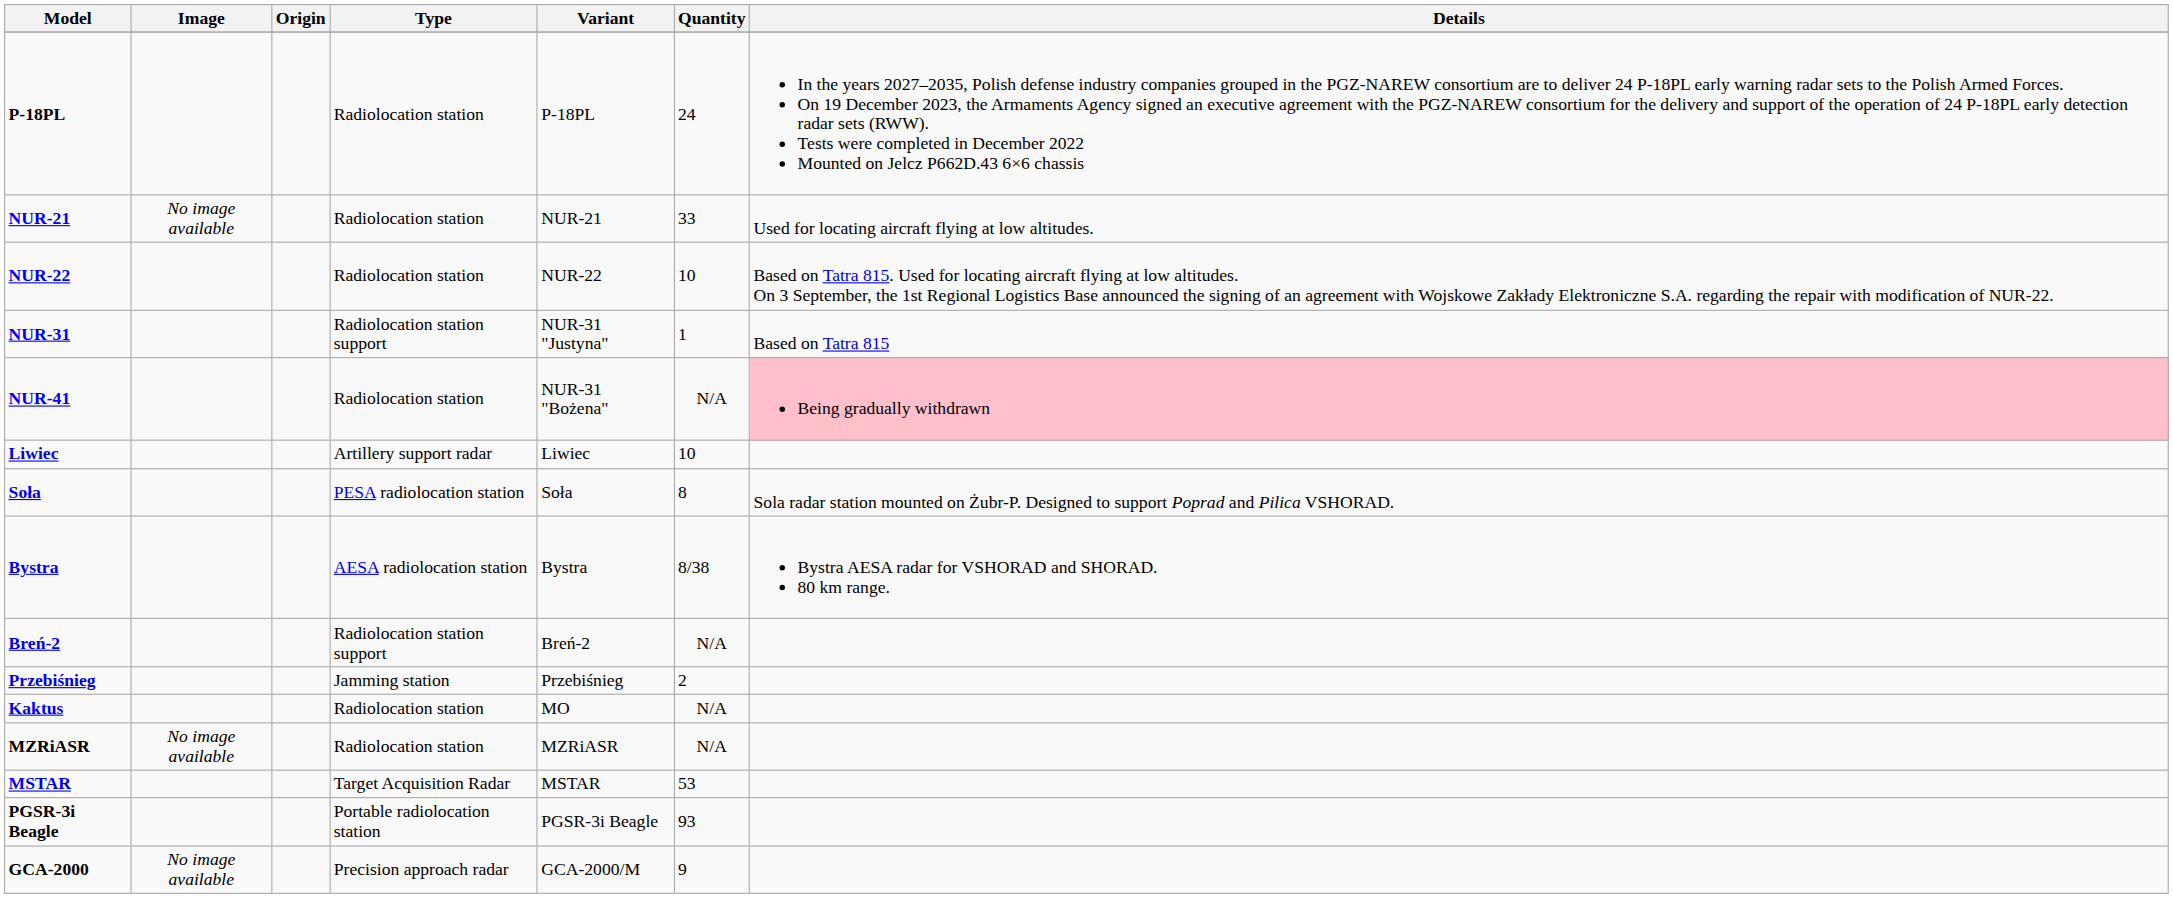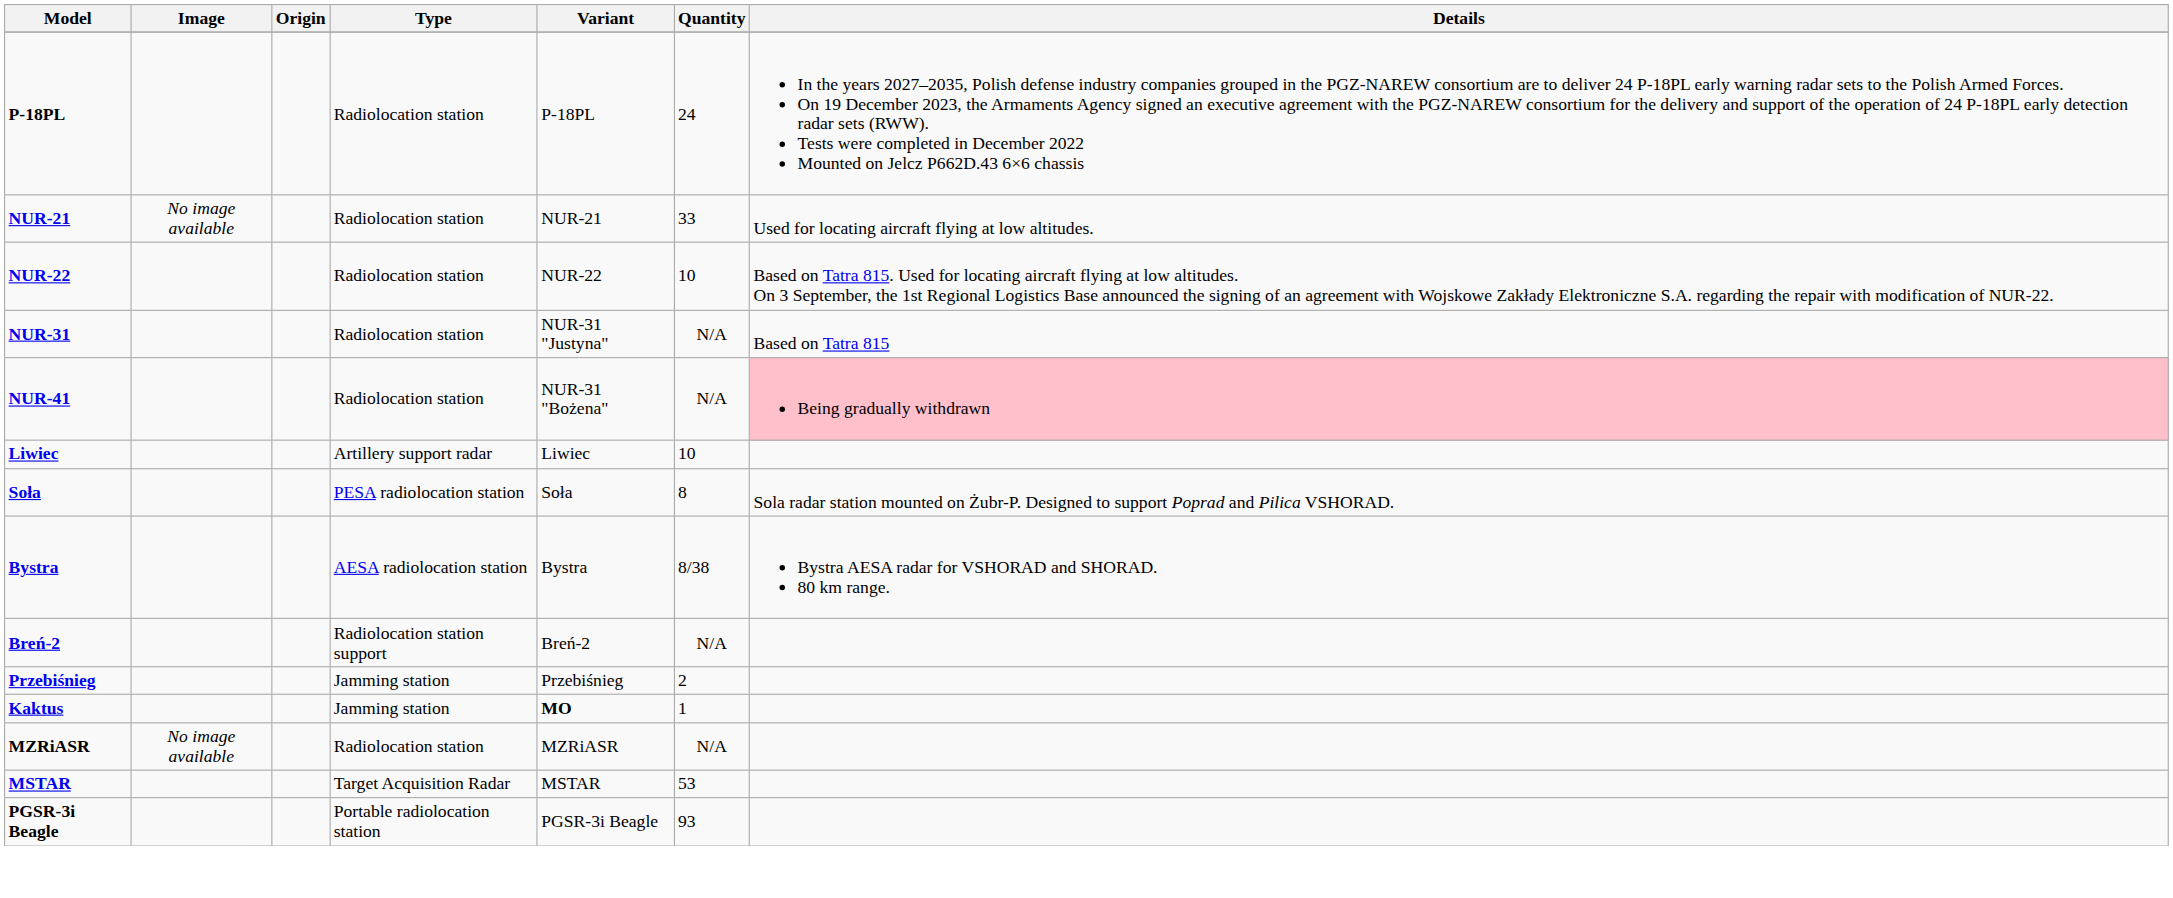 <table class="wikitable">
 <tr>
 <th>Model</th>
 <th>Image</th>
 <th>Origin</th>
 <th>Type</th>
 <th>Variant</th>
 <th>Quantity</th>
 <th>Details</th>
 </tr>
 <tr valign="top">
 </tr>
 <tr>
 <td><strong>P-18PL</strong></td>
 <td></td>
 <td><small></small></td>
 <td>Radiolocation station</td>
 <td>P-18PL</td>
 <td>24</td>
 <td><br><ul><li>In the years 2027–2035, Polish defense industry companies grouped in the PGZ-NAREW consortium are to deliver 24 P-18PL early warning radar sets to the Polish Armed Forces.</li><li>On 19 December 2023, the Armaments Agency signed an executive agreement with the PGZ-NAREW consortium for the delivery and support of the operation of 24 P-18PL early detection radar sets (RWW).</li><li>Tests were completed in December 2022</li><li>Mounted on Jelcz P662D.43 6×6 chassis</li></ul></td>
 </tr>
 <tr>
 <td><a href='#'><strong>NUR-21</strong></a></td>
 <td style="text-align: center;"><em>No image available</em></td>
 <td><small></small></td>
 <td>Radiolocation station</td>
 <td>NUR-21</td>
 <td>33</td>
 <td><br>Used for locating aircraft flying at low altitudes.</td>
 </tr>
 <tr>
 <td><a href='#'><strong>NUR-22</strong></a></td>
 <td></td>
 <td><small></small></td>
 <td>Radiolocation station</td>
 <td>NUR-22</td>
 <td>10</td>
 <td><br>Based on <a href='#'>Tatra 815</a>. Used for locating aircraft flying at low altitudes.<br>On 3 September, the 1st Regional Logistics Base announced the signing of an agreement with Wojskowe Zakłady Elektroniczne S.A. regarding the repair with modification of  NUR-22.</td>
 </tr>
 <tr>
 <td><a href='#'><strong>NUR-31</strong></a></td>
 <td></td>
 <td><small></small></td>
-<td>Radiolocation station support</td>
+<td>Radiolocation station</td>
 <td>NUR-31 "Justyna"</td>
-<td>1</td>
+<td style="text-align: center;">N/A</td>
 <td><br>Based on <a href='#'>Tatra 815</a></td>
 </tr>
 <tr>
 <td><a href='#'><strong>NUR-41</strong></a></td>
 <td></td>
 <td><small></small></td>
 <td>Radiolocation station</td>
 <td>NUR-31 "Bożena"</td>
 <td style="text-align: center;">N/A</td>
 <td style="background: pink;"><br><ul><li>Being gradually withdrawn</li></ul></td>
 </tr>
 <tr>
 <td><strong><a href='#'>Liwiec</a></strong></td>
 <td></td>
 <td><small></small></td>
 <td>Artillery support radar</td>
 <td>Liwiec</td>
 <td>10</td>
 <td></td>
 </tr>
 <tr>
 <td><strong><a href='#'>Soła</a></strong></td>
 <td></td>
 <td><small></small></td>
 <td><a href='#'>PESA</a> radiolocation station</td>
 <td>Soła</td>
 <td>8</td>
 <td><br>Sola radar station mounted on Żubr-P. Designed to support <em>Poprad</em> and <em>Pilica</em> VSHORAD.</td>
 </tr>
 <tr>
 <td><strong><a href='#'>Bystra</a></strong></td>
 <td></td>
 <td><small></small></td>
 <td><a href='#'>AESA</a> radiolocation station</td>
 <td>Bystra</td>
 <td>8/38</td>
 <td><br><ul><li>Bystra AESA radar for VSHORAD and SHORAD.</li><li>80 km range.</li></ul></td>
 </tr>
 <tr>
 <td><strong><a href='#'>Breń-2</a></strong></td>
 <td></td>
 <td><small></small></td>
 <td>Radiolocation station support</td>
 <td>Breń-2 </td>
 <td style="text-align: center;">N/A</td>
 <td></td>
 </tr>
 <tr>
 <td><a href='#'><strong>Przebiśnieg</strong></a></td>
 <td></td>
 <td><small></small></td>
 <td>Jamming station</td>
 <td>Przebiśnieg </td>
 <td>2</td>
 <td></td>
 </tr>
 <tr>
 <td><strong><a href='#'>Kaktus</a></strong></td>
 <td></td>
 <td><small></small></td>
-<td>Radiolocation station</td>
-<td>MO</td>
-<td style="text-align: center;">N/A</td>
+<td>Jamming station</td>
+<td><strong>MO</strong></td>
+<td>1</td>
 <td></td>
 </tr>
 <tr>
 <td><strong>MZRiASR</strong></td>
 <td style="text-align: center;"><em>No image available</em></td>
 <td><small></small></td>
 <td>Radiolocation station</td>
 <td>MZRiASR</td>
 <td style="text-align: center;">N/A</td>
 <td></td>
 </tr>
 <tr>
 <td><strong><a href='#'>MSTAR</a></strong></td>
 <td></td>
 <td><small></small></td>
 <td>Target Acquisition Radar</td>
 <td>MSTAR</td>
 <td>53</td>
 <td></td>
 </tr>
 <tr>
 <td><strong>PGSR-3i Beagle</strong></td>
 <td></td>
 <td><small></small></td>
 <td>Portable radiolocation station</td>
 <td>PGSR-3i Beagle</td>
 <td>93</td>
 <td></td>
 </tr>
-<tr>
-<td><strong>GCA-2000</strong></td>
-<td style="text-align: center;"><em>No image available</em></td>
-<td><small></small></td>
-<td>Precision approach radar</td>
-<td>GCA-2000/M</td>
-<td>9</td>
-<td></td>
-</tr>
 </table>
